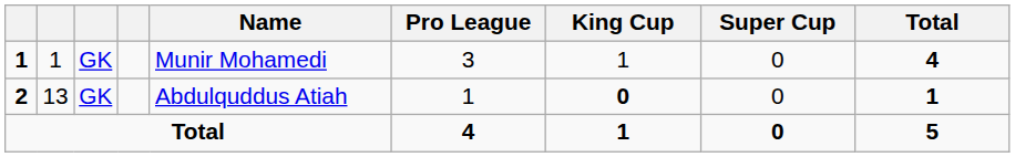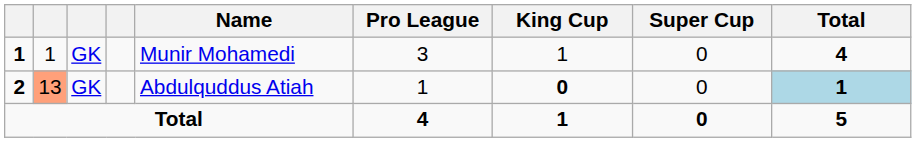 <table class="wikitable" style="text-align:center">
 <tr>
 <th width=15></th>
 <th width=15></th>
 <th width=15></th>
 <th width=15></th>
 <th width=160>Name</th>
 <th width=100>Pro League</th>
 <th width=100>King Cup</th>
 <th width=100>Super Cup</th>
 <th width=100>Total</th>
 </tr>
 <tr>
 <td><strong>1</strong></td>
 <td>1</td>
 <td><a href='#'>GK</a></td>
 <td></td>
 <td align=left><a href='#'>Munir Mohamedi</a></td>
 <td>3</td>
 <td>1</td>
 <td>0</td>
 <td><strong>4</strong></td>
 </tr>
 <tr>
 <td><strong>2</strong></td>
-<td>13</td>
+<td style="background: lightsalmon;">13</td>
 <td><a href='#'>GK</a></td>
 <td></td>
 <td align=left><a href='#'>Abdulquddus Atiah</a></td>
 <td>1</td>
 <td><strong>0</strong></td>
 <td>0</td>
-<td><strong>1</strong></td>
+<td style="background: lightblue;"><strong>1</strong></td>
 </tr>
 <tr>
 <td colspan=5><strong>Total</strong></td>
 <td><strong>4</strong></td>
 <td><strong>1</strong></td>
 <td><strong>0</strong></td>
 <td><strong>5</strong></td>
 </tr>
 </table>
